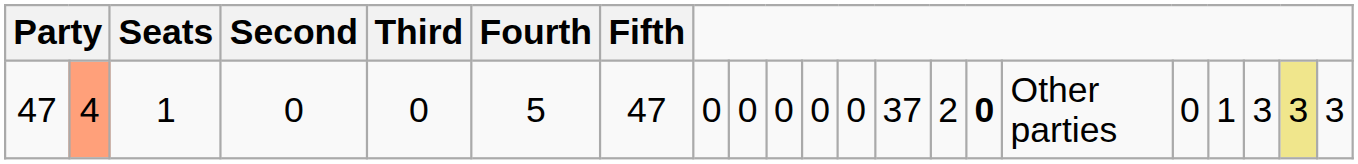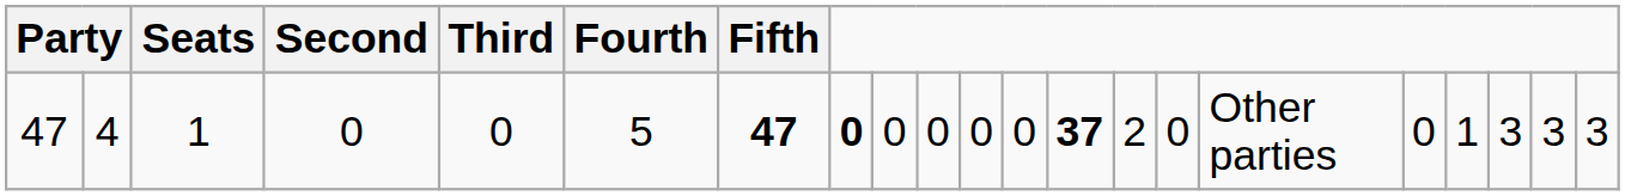 <table class="wikitable">
 <tr>
 <th colspan=2>Party</th>
 <th>Seats</th>
 <th>Second</th>
 <th>Third</th>
 <th>Fourth</th>
 <th>Fifth</th>
 </tr>
 <tr>
 <td align=center>47</td>
-<td align=center style="background: lightsalmon;">4</td>
+<td align=center>4</td>
 <td align=center>1</td>
 <td align=center>0</td>
 <td align=center>0<br></td>
 <td align=center>5</td>
-<td align=center>47</td>
-<td align=center>0</td>
+<td align=center><strong>47</strong></td>
+<td align=center><strong>0</strong></td>
 <td align=center>0</td>
 <td align=center>0<br></td>
 <td align=center>0</td>
 <td align=center>0</td>
-<td align=center>37</td>
+<td align=center><strong>37</strong></td>
 <td align=center>2</td>
-<td align=center><strong>0<br></strong></td>
+<td align=center>0<br></td>
 <td>Other parties</td>
 <td align=center>0</td>
 <td align=center>1</td>
 <td align=center>3</td>
-<td align=center style="background: khaki;">3</td>
+<td align=center>3</td>
 <td align=center>3</td>
 </tr>
 </table>
